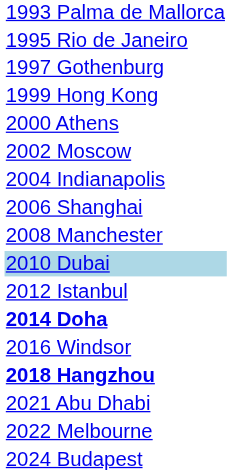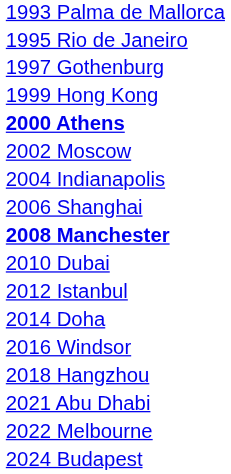 <table>
 <tr>
 <td><a href='#'>1993 Palma de Mallorca</a></td>
 <td></td>
 <td></td>
 <td></td>
 </tr>
 <tr>
 <td><a href='#'>1995 Rio de Janeiro</a></td>
 <td></td>
 <td></td>
 <td></td>
 </tr>
 <tr>
 <td><a href='#'>1997 Gothenburg</a></td>
 <td></td>
 <td></td>
 <td></td>
 </tr>
 <tr>
 <td><a href='#'>1999 Hong Kong</a></td>
 <td></td>
 <td></td>
 <td></td>
 </tr>
 <tr>
-<td><a href='#'>2000 Athens</a></td>
+<td><strong><a href='#'>2000 Athens</a></strong></td>
 <td></td>
 <td></td>
 <td></td>
 </tr>
 <tr>
 <td rowspan=2><a href='#'>2002 Moscow</a></td>
 <td rowspan=2></td>
 <td rowspan=2></td>
 <td></td>
 </tr>
 <tr>
 <td></td>
 </tr>
 <tr>
 <td rowspan=2><a href='#'>2004 Indianapolis</a></td>
 <td rowspan=2></td>
 <td rowspan=2></td>
 <td></td>
 </tr>
 <tr>
 <td></td>
 </tr>
 <tr>
 <td rowspan=2><a href='#'>2006 Shanghai</a></td>
 <td rowspan=2></td>
 <td rowspan=2></td>
 <td></td>
 </tr>
 <tr>
 <td></td>
 </tr>
 <tr>
-<td><a href='#'>2008 Manchester</a></td>
+<td><strong><a href='#'>2008 Manchester</a></strong></td>
 <td></td>
 <td></td>
 <td></td>
 </tr>
 <tr>
-<td style="background: lightblue;"><a href='#'>2010 Dubai</a></td>
+<td><a href='#'>2010 Dubai</a></td>
 <td></td>
 <td></td>
 <td></td>
 </tr>
 <tr>
 <td><a href='#'>2012 Istanbul</a></td>
 <td></td>
 <td></td>
 <td></td>
 </tr>
 <tr>
-<td><strong><a href='#'>2014 Doha</a></strong></td>
+<td><a href='#'>2014 Doha</a></td>
 <td></td>
 <td></td>
 <td></td>
 </tr>
 <tr>
 <td><a href='#'>2016 Windsor</a></td>
 <td></td>
 <td></td>
 <td></td>
 </tr>
 <tr>
-<td><strong><a href='#'>2018 Hangzhou</a></strong></td>
+<td><a href='#'>2018 Hangzhou</a></td>
 <td></td>
 <td></td>
 <td></td>
 </tr>
 <tr>
 <td><a href='#'>2021 Abu Dhabi</a></td>
 <td></td>
 <td></td>
 <td></td>
 </tr>
 <tr>
 <td><a href='#'>2022 Melbourne</a></td>
 <td></td>
 <td></td>
 <td></td>
 </tr>
 <tr>
 <td><a href='#'>2024 Budapest</a></td>
 <td></td>
 <td></td>
 <td></td>
 </tr>
 </table>
